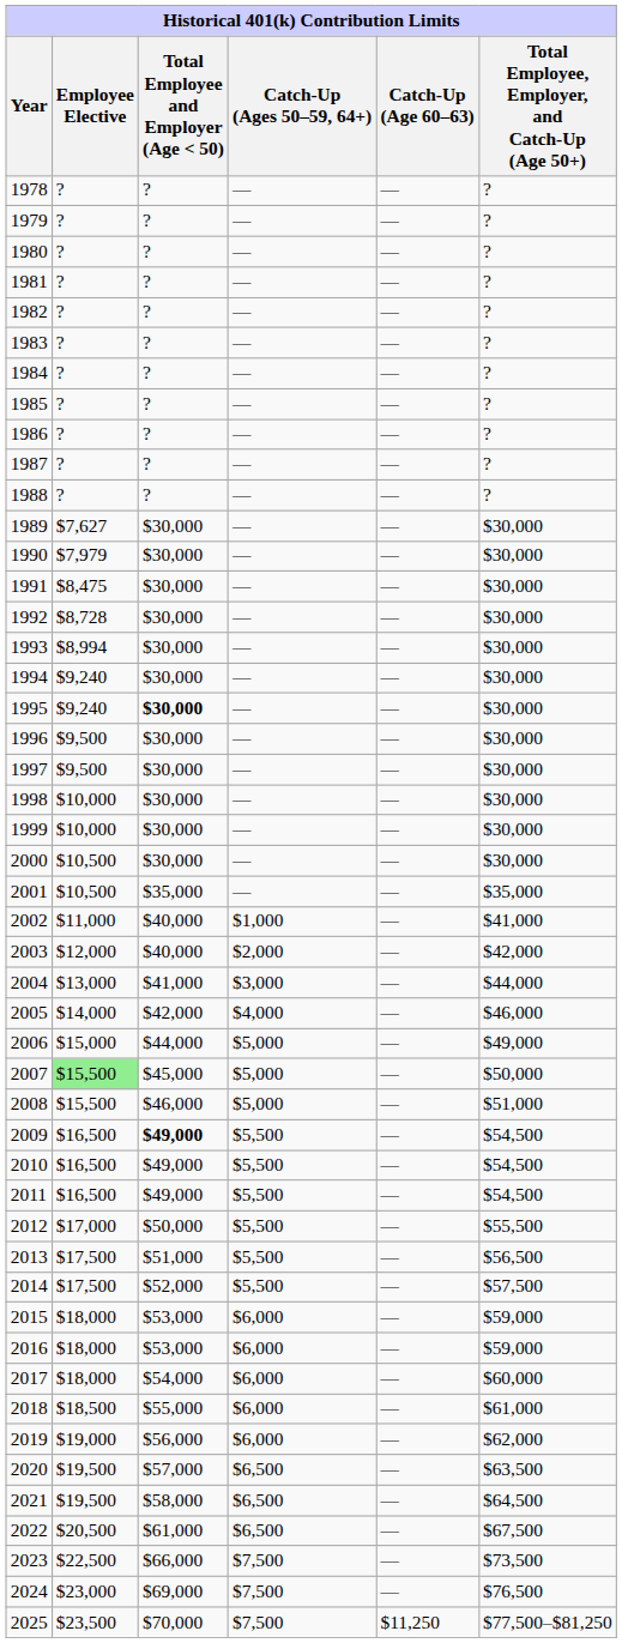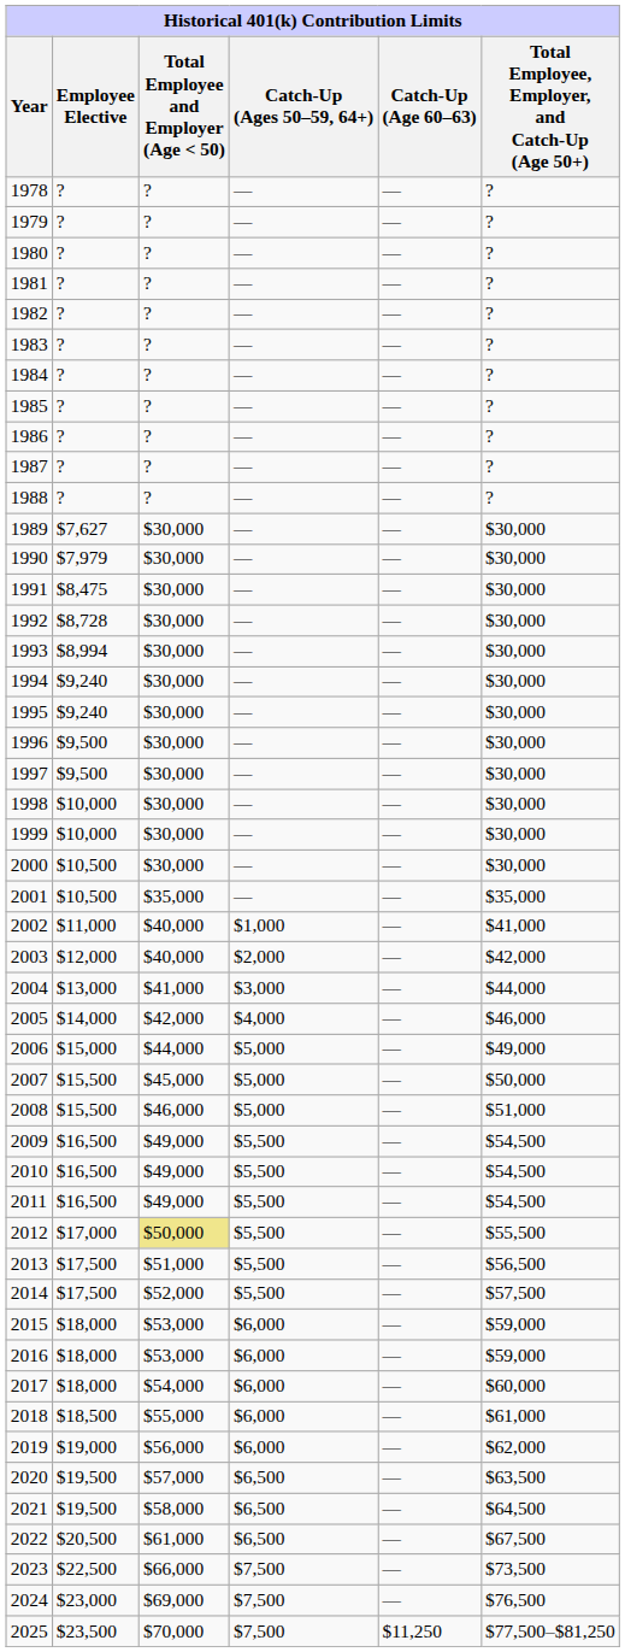 <table class="wikitable collapsible" cellpadding="1" cellspacing="1" style="margin:auto; margin:0 0 1em 1em; font-size:90%; float:right;">
 <tr>
 <th colspan="6" style="background:#ccf; text-align:center;">Historical 401(k) Contribution Limits</th>
 </tr>
 <tr>
 <th align="right">Year</th>
 <th>Employee<br>Elective</th>
 <th>Total<br>Employee<br>and<br>Employer<br>(Age < 50)</th>
 <th>Catch-Up<br>(Ages 50–59, 64+)</th>
 <th>Catch-Up<br>(Age 60–63)</th>
 <th>Total<br>Employee,<br>Employer,<br>and<br>Catch-Up<br>(Age 50+)</th>
 </tr>
 <tr>
 <td align right>1978</td>
 <td>?</td>
 <td>?</td>
 <td>—</td>
 <td>—</td>
 <td>?</td>
 </tr>
 <tr>
 <td align right>1979</td>
 <td>?</td>
 <td>?</td>
 <td>—</td>
 <td>—</td>
 <td>?</td>
 </tr>
 <tr>
 <td align right>1980</td>
 <td>?</td>
 <td>?</td>
 <td>—</td>
 <td>—</td>
 <td>?</td>
 </tr>
 <tr>
 <td align right>1981</td>
 <td>?</td>
 <td>?</td>
 <td>—</td>
 <td>—</td>
 <td>?</td>
 </tr>
 <tr>
 <td align right>1982</td>
 <td>?</td>
 <td>?</td>
 <td>—</td>
 <td>—</td>
 <td>?</td>
 </tr>
 <tr>
 <td align right>1983</td>
 <td>?</td>
 <td>?</td>
 <td>—</td>
 <td>—</td>
 <td>?</td>
 </tr>
 <tr>
 <td align right>1984</td>
 <td>?</td>
 <td>?</td>
 <td>—</td>
 <td>—</td>
 <td>?</td>
 </tr>
 <tr>
 <td align right>1985</td>
 <td>?</td>
 <td>?</td>
 <td>—</td>
 <td>—</td>
 <td>?</td>
 </tr>
 <tr>
 <td align right>1986</td>
 <td>?</td>
 <td>?</td>
 <td>—</td>
 <td>—</td>
 <td>?</td>
 </tr>
 <tr>
 <td align right>1987</td>
 <td>?</td>
 <td>?</td>
 <td>—</td>
 <td>—</td>
 <td>?</td>
 </tr>
 <tr>
 <td align right>1988</td>
 <td>?</td>
 <td>?</td>
 <td>—</td>
 <td>—</td>
 <td>?</td>
 </tr>
 <tr>
 <td align right>1989</td>
 <td>$7,627</td>
 <td>$30,000</td>
 <td>—</td>
 <td>—</td>
 <td>$30,000</td>
 </tr>
 <tr>
 <td align right>1990</td>
 <td>$7,979</td>
 <td>$30,000</td>
 <td>—</td>
 <td>—</td>
 <td>$30,000</td>
 </tr>
 <tr>
 <td align right>1991</td>
 <td>$8,475</td>
 <td>$30,000</td>
 <td>—</td>
 <td>—</td>
 <td>$30,000</td>
 </tr>
 <tr>
 <td align right>1992</td>
 <td>$8,728</td>
 <td>$30,000</td>
 <td>—</td>
 <td>—</td>
 <td>$30,000</td>
 </tr>
 <tr>
 <td align right>1993</td>
 <td>$8,994</td>
 <td>$30,000</td>
 <td>—</td>
 <td>—</td>
 <td>$30,000</td>
 </tr>
 <tr>
 <td align right>1994</td>
 <td>$9,240</td>
 <td>$30,000</td>
 <td>—</td>
 <td>—</td>
 <td>$30,000</td>
 </tr>
 <tr>
 <td align right>1995</td>
 <td>$9,240</td>
-<td><strong>$30,000</strong></td>
+<td>$30,000</td>
 <td>—</td>
 <td>—</td>
 <td>$30,000</td>
 </tr>
 <tr>
 <td align right>1996</td>
 <td>$9,500</td>
 <td>$30,000</td>
 <td>—</td>
 <td>—</td>
 <td>$30,000</td>
 </tr>
 <tr>
 <td align right>1997</td>
 <td>$9,500</td>
 <td>$30,000</td>
 <td>—</td>
 <td>—</td>
 <td>$30,000</td>
 </tr>
 <tr>
 <td align right>1998</td>
 <td>$10,000</td>
 <td>$30,000</td>
 <td>—</td>
 <td>—</td>
 <td>$30,000</td>
 </tr>
 <tr>
 <td align right>1999</td>
 <td>$10,000</td>
 <td>$30,000</td>
 <td>—</td>
 <td>—</td>
 <td>$30,000</td>
 </tr>
 <tr>
 <td align right>2000</td>
 <td>$10,500</td>
 <td>$30,000</td>
 <td>—</td>
 <td>—</td>
 <td>$30,000</td>
 </tr>
 <tr>
 <td align right>2001</td>
 <td>$10,500</td>
 <td>$35,000</td>
 <td>—</td>
 <td>—</td>
 <td>$35,000</td>
 </tr>
 <tr>
 <td align right>2002</td>
 <td>$11,000</td>
 <td>$40,000</td>
 <td>$1,000</td>
 <td>—</td>
 <td>$41,000</td>
 </tr>
 <tr>
 <td align right>2003</td>
 <td>$12,000</td>
 <td>$40,000</td>
 <td>$2,000</td>
 <td>—</td>
 <td>$42,000</td>
 </tr>
 <tr>
 <td align right>2004</td>
 <td>$13,000</td>
 <td>$41,000</td>
 <td>$3,000</td>
 <td>—</td>
 <td>$44,000</td>
 </tr>
 <tr>
 <td align right>2005</td>
 <td>$14,000</td>
 <td>$42,000</td>
 <td>$4,000</td>
 <td>—</td>
 <td>$46,000</td>
 </tr>
 <tr>
 <td align right>2006</td>
 <td>$15,000</td>
 <td>$44,000</td>
 <td>$5,000</td>
 <td>—</td>
 <td>$49,000</td>
 </tr>
 <tr>
 <td align right>2007</td>
-<td style="background: lightgreen;">$15,500</td>
+<td>$15,500</td>
 <td>$45,000</td>
 <td>$5,000</td>
 <td>—</td>
 <td>$50,000</td>
 </tr>
 <tr>
 <td align right>2008</td>
 <td>$15,500</td>
 <td>$46,000</td>
 <td>$5,000</td>
 <td>—</td>
 <td>$51,000</td>
 </tr>
 <tr>
 <td align right>2009</td>
 <td>$16,500</td>
-<td><strong>$49,000</strong></td>
+<td>$49,000</td>
 <td>$5,500</td>
 <td>—</td>
 <td>$54,500</td>
 </tr>
 <tr>
 <td align right>2010</td>
 <td>$16,500</td>
 <td>$49,000</td>
 <td>$5,500</td>
 <td>—</td>
 <td>$54,500</td>
 </tr>
 <tr>
 <td align right>2011</td>
 <td>$16,500</td>
 <td>$49,000</td>
 <td>$5,500</td>
 <td>—</td>
 <td>$54,500</td>
 </tr>
 <tr>
 <td align right>2012</td>
 <td>$17,000</td>
-<td>$50,000</td>
+<td style="background: khaki;">$50,000</td>
 <td>$5,500</td>
 <td>—</td>
 <td>$55,500</td>
 </tr>
 <tr>
 <td align right>2013</td>
 <td>$17,500</td>
 <td>$51,000</td>
 <td>$5,500</td>
 <td>—</td>
 <td>$56,500</td>
 </tr>
 <tr>
 <td align right>2014</td>
 <td>$17,500</td>
 <td>$52,000</td>
 <td>$5,500</td>
 <td>—</td>
 <td>$57,500</td>
 </tr>
 <tr>
 <td align right>2015</td>
 <td>$18,000</td>
 <td>$53,000</td>
 <td>$6,000</td>
 <td>—</td>
 <td>$59,000</td>
 </tr>
 <tr>
 <td align right>2016</td>
 <td>$18,000</td>
 <td>$53,000</td>
 <td>$6,000</td>
 <td>—</td>
 <td>$59,000</td>
 </tr>
 <tr>
 <td align right>2017</td>
 <td>$18,000</td>
 <td>$54,000</td>
 <td>$6,000</td>
 <td>—</td>
 <td>$60,000</td>
 </tr>
 <tr>
 <td align right>2018</td>
 <td>$18,500</td>
 <td>$55,000</td>
 <td>$6,000</td>
 <td>—</td>
 <td>$61,000</td>
 </tr>
 <tr>
 <td align right>2019</td>
 <td>$19,000</td>
 <td>$56,000</td>
 <td>$6,000</td>
 <td>—</td>
 <td>$62,000</td>
 </tr>
 <tr>
 <td align right>2020</td>
 <td>$19,500</td>
 <td>$57,000</td>
 <td>$6,500</td>
 <td>—</td>
 <td>$63,500</td>
 </tr>
 <tr>
 <td align right>2021</td>
 <td>$19,500</td>
 <td>$58,000</td>
 <td>$6,500</td>
 <td>—</td>
 <td>$64,500</td>
 </tr>
 <tr>
 <td align right>2022</td>
 <td>$20,500</td>
 <td>$61,000</td>
 <td>$6,500</td>
 <td>—</td>
 <td>$67,500</td>
 </tr>
 <tr>
 <td align right>2023</td>
 <td>$22,500</td>
 <td>$66,000</td>
 <td>$7,500</td>
 <td>—</td>
 <td>$73,500</td>
 </tr>
 <tr>
 <td align right>2024</td>
 <td>$23,000</td>
 <td>$69,000</td>
 <td>$7,500</td>
 <td>—</td>
 <td>$76,500</td>
 </tr>
 <tr>
 <td>2025</td>
 <td>$23,500</td>
 <td>$70,000</td>
 <td>$7,500</td>
 <td>$11,250</td>
 <td>$77,500–$81,250</td>
 </tr>
 </table>
